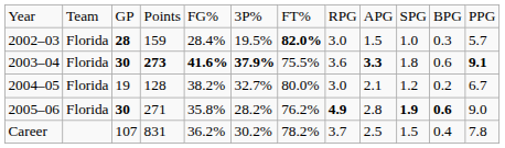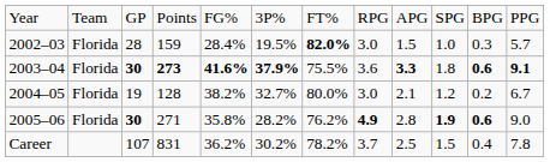 <table class="wikitable">
 <tr>
 <td>Year</td>
 <td>Team</td>
 <td>GP</td>
 <td>Points</td>
 <td>FG%</td>
 <td>3P%</td>
 <td>FT%</td>
 <td>RPG</td>
 <td>APG</td>
 <td>SPG</td>
 <td>BPG</td>
 <td>PPG</td>
 </tr>
 <tr>
 <td>2002–03</td>
 <td>Florida</td>
-<td><strong>28</strong></td>
+<td>28</td>
 <td>159</td>
 <td>28.4%</td>
 <td>19.5%</td>
 <td><strong>82.0%</strong></td>
 <td>3.0</td>
 <td>1.5</td>
 <td>1.0</td>
 <td>0.3</td>
 <td>5.7</td>
 </tr>
 <tr>
 <td>2003–04</td>
 <td>Florida</td>
 <td><strong>30</strong></td>
 <td><strong>273</strong></td>
 <td><strong>41.6%</strong></td>
 <td><strong>37.9%</strong></td>
 <td>75.5%</td>
 <td>3.6</td>
 <td><strong>3.3</strong></td>
 <td>1.8</td>
-<td>0.6</td>
+<td><strong>0.6</strong></td>
 <td><strong>9.1</strong></td>
 </tr>
 <tr>
 <td>2004–05</td>
 <td>Florida</td>
 <td>19</td>
 <td>128</td>
 <td>38.2%</td>
 <td>32.7%</td>
 <td>80.0%</td>
 <td>3.0</td>
 <td>2.1</td>
 <td>1.2</td>
 <td>0.2</td>
 <td>6.7</td>
 </tr>
 <tr>
 <td>2005–06</td>
 <td>Florida</td>
 <td><strong>30</strong></td>
 <td>271</td>
 <td>35.8%</td>
 <td>28.2%</td>
 <td>76.2%</td>
 <td><strong>4.9</strong></td>
 <td>2.8</td>
 <td><strong>1.9</strong></td>
 <td><strong>0.6</strong></td>
 <td>9.0</td>
 </tr>
 <tr>
 <td>Career</td>
 <td></td>
 <td>107</td>
 <td>831</td>
 <td>36.2%</td>
 <td>30.2%</td>
 <td>78.2%</td>
 <td>3.7</td>
 <td>2.5</td>
 <td>1.5</td>
 <td>0.4</td>
 <td>7.8</td>
 </tr>
 </table>
